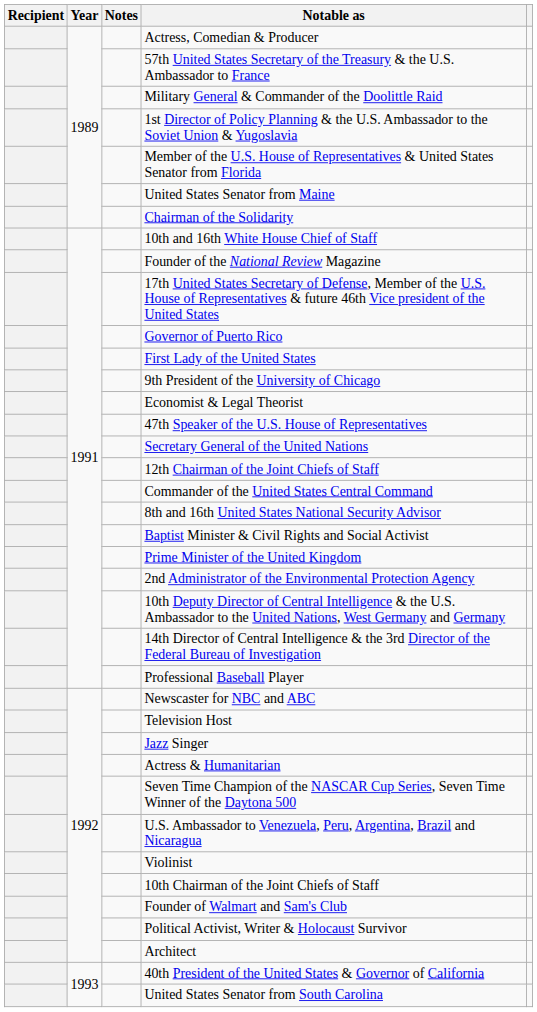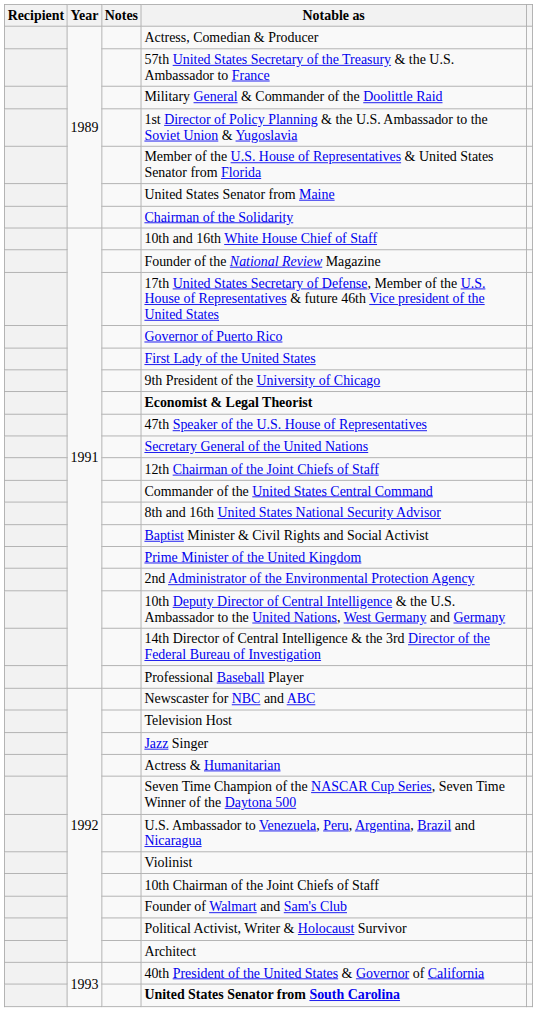 <table class="wikitable sortable plainrowheaders">
 <tr>
 <th>Recipient</th>
 <th>Year</th>
 <th>Notes</th>
 <th>Notable as</th>
 <th class="unsortable"></th>
 </tr>
 <tr>
 <th scope="row"></th>
 <td rowspan="7">1989</td>
 <td></td>
 <td>Actress, Comedian & Producer</td>
 <td></td>
 </tr>
 <tr>
 <th scope="row"></th>
 <td></td>
 <td>57th <a href='#'>United States Secretary of the Treasury</a> & the U.S. Ambassador to <a href='#'>France</a></td>
 <td></td>
 </tr>
 <tr>
 <th scope="row"></th>
 <td></td>
 <td>Military <a href='#'>General</a> & Commander of the <a href='#'>Doolittle Raid</a></td>
 <td></td>
 </tr>
 <tr>
 <th scope="row"></th>
 <td></td>
 <td>1st <a href='#'>Director of Policy Planning</a> & the U.S. Ambassador to the <a href='#'>Soviet Union</a> & <a href='#'>Yugoslavia</a></td>
 <td></td>
 </tr>
 <tr>
 <th scope="row"></th>
 <td></td>
 <td>Member of the <a href='#'>U.S. House of Representatives</a> & United States Senator from <a href='#'>Florida</a></td>
 <td></td>
 </tr>
 <tr>
 <th scope="row"></th>
 <td></td>
 <td>United States Senator from <a href='#'>Maine</a></td>
 <td></td>
 </tr>
 <tr>
 <th scope="row"></th>
 <td></td>
 <td><a href='#'>Chairman of the Solidarity</a></td>
 <td></td>
 </tr>
 <tr>
 <th scope="row"></th>
 <td rowspan="18">1991</td>
 <td></td>
 <td>10th and 16th <a href='#'>White House Chief of Staff</a></td>
 <td></td>
 </tr>
 <tr>
 <th scope="row"></th>
 <td></td>
 <td>Founder of the <em><a href='#'>National Review</a></em> Magazine</td>
 <td></td>
 </tr>
 <tr>
 <th scope="row"></th>
 <td></td>
 <td>17th <a href='#'>United States Secretary of Defense</a>, Member of the <a href='#'>U.S. House of Representatives</a> & future 46th <a href='#'>Vice president of the United States</a></td>
 <td></td>
 </tr>
 <tr>
 <th scope="row"></th>
 <td></td>
 <td><a href='#'>Governor of Puerto Rico</a></td>
 <td></td>
 </tr>
 <tr>
 <th scope="row"></th>
 <td></td>
 <td><a href='#'>First Lady of the United States</a></td>
 <td></td>
 </tr>
 <tr>
 <th scope="row"></th>
 <td></td>
 <td>9th President of the <a href='#'>University of Chicago</a></td>
 <td></td>
 </tr>
 <tr>
 <th scope="row"></th>
 <td></td>
-<td>Economist & Legal Theorist</td>
+<td><strong>Economist & Legal Theorist</strong></td>
 <td></td>
 </tr>
 <tr>
 <th scope="row"></th>
 <td></td>
 <td>47th <a href='#'>Speaker of the U.S. House of Representatives</a></td>
 <td></td>
 </tr>
 <tr>
 <th scope="row"></th>
 <td></td>
 <td><a href='#'>Secretary General of the United Nations</a></td>
 <td></td>
 </tr>
 <tr>
 <th scope="row"></th>
 <td></td>
 <td>12th <a href='#'>Chairman of the Joint Chiefs of Staff</a></td>
 <td></td>
 </tr>
 <tr>
 <th scope="row"></th>
 <td></td>
 <td>Commander of the <a href='#'>United States Central Command</a></td>
 <td></td>
 </tr>
 <tr>
 <th scope="row"></th>
 <td></td>
 <td>8th and 16th <a href='#'>United States National Security Advisor</a></td>
 <td></td>
 </tr>
 <tr>
 <th scope="row"></th>
 <td></td>
 <td><a href='#'>Baptist</a> Minister & Civil Rights and Social Activist</td>
 <td></td>
 </tr>
 <tr>
 <th scope="row"></th>
 <td></td>
 <td><a href='#'>Prime Minister of the United Kingdom</a></td>
 <td></td>
 </tr>
 <tr>
 <th scope="row"></th>
 <td></td>
 <td>2nd <a href='#'>Administrator of the Environmental Protection Agency</a></td>
 <td></td>
 </tr>
 <tr>
 <th scope="row"></th>
 <td></td>
 <td>10th <a href='#'>Deputy Director of Central Intelligence</a> & the U.S. Ambassador to the <a href='#'>United Nations</a>, <a href='#'>West Germany</a> and <a href='#'>Germany</a></td>
 <td></td>
 </tr>
 <tr>
 <th scope="row"></th>
 <td></td>
 <td>14th Director of Central Intelligence & the 3rd <a href='#'>Director of the Federal Bureau of Investigation </a></td>
 <td></td>
 </tr>
 <tr>
 <th scope="row"></th>
 <td></td>
 <td>Professional <a href='#'>Baseball</a> Player</td>
 <td></td>
 </tr>
 <tr>
 <th scope="row"></th>
 <td rowspan="11">1992</td>
 <td></td>
 <td>Newscaster for <a href='#'>NBC</a> and <a href='#'>ABC</a></td>
 <td></td>
 </tr>
 <tr>
 <th scope="row"></th>
 <td></td>
 <td>Television Host</td>
 <td></td>
 </tr>
 <tr>
 <th scope="row"></th>
 <td></td>
 <td><a href='#'>Jazz</a> Singer</td>
 <td></td>
 </tr>
 <tr>
 <th scope="row"></th>
 <td></td>
 <td>Actress & <a href='#'>Humanitarian</a></td>
 <td></td>
 </tr>
 <tr>
 <th scope="row"></th>
 <td></td>
 <td>Seven Time Champion of the <a href='#'>NASCAR Cup Series</a>, Seven Time Winner of the <a href='#'>Daytona 500</a></td>
 <td></td>
 </tr>
 <tr>
 <th scope="row"></th>
 <td></td>
 <td>U.S. Ambassador to <a href='#'>Venezuela</a>, <a href='#'>Peru</a>, <a href='#'>Argentina</a>, <a href='#'>Brazil</a> and <a href='#'>Nicaragua</a></td>
 <td></td>
 </tr>
 <tr>
 <th scope="row"></th>
 <td></td>
 <td>Violinist</td>
 <td></td>
 </tr>
 <tr>
 <th scope="row"></th>
 <td></td>
 <td>10th Chairman of the Joint Chiefs of Staff</td>
 <td></td>
 </tr>
 <tr>
 <th scope="row"></th>
 <td></td>
 <td>Founder of <a href='#'>Walmart</a> and <a href='#'>Sam's Club</a></td>
 <td></td>
 </tr>
 <tr>
 <th scope="row"></th>
 <td></td>
 <td>Political Activist, Writer & <a href='#'>Holocaust</a> Survivor</td>
 <td></td>
 </tr>
 <tr>
 <th scope="row"></th>
 <td></td>
 <td>Architect</td>
 <td></td>
 </tr>
 <tr>
 <th scope="row"></th>
 <td rowspan="2">1993</td>
 <td></td>
 <td>40th <a href='#'>President of the United States</a> & <a href='#'>Governor</a> of <a href='#'>California</a></td>
 <td></td>
 </tr>
 <tr>
 <th scope="row"></th>
 <td></td>
-<td>United States Senator from <a href='#'>South Carolina</a></td>
+<td><strong>United States Senator from <a href='#'>South Carolina</a></strong></td>
 <td></td>
 </tr>
 </table>
